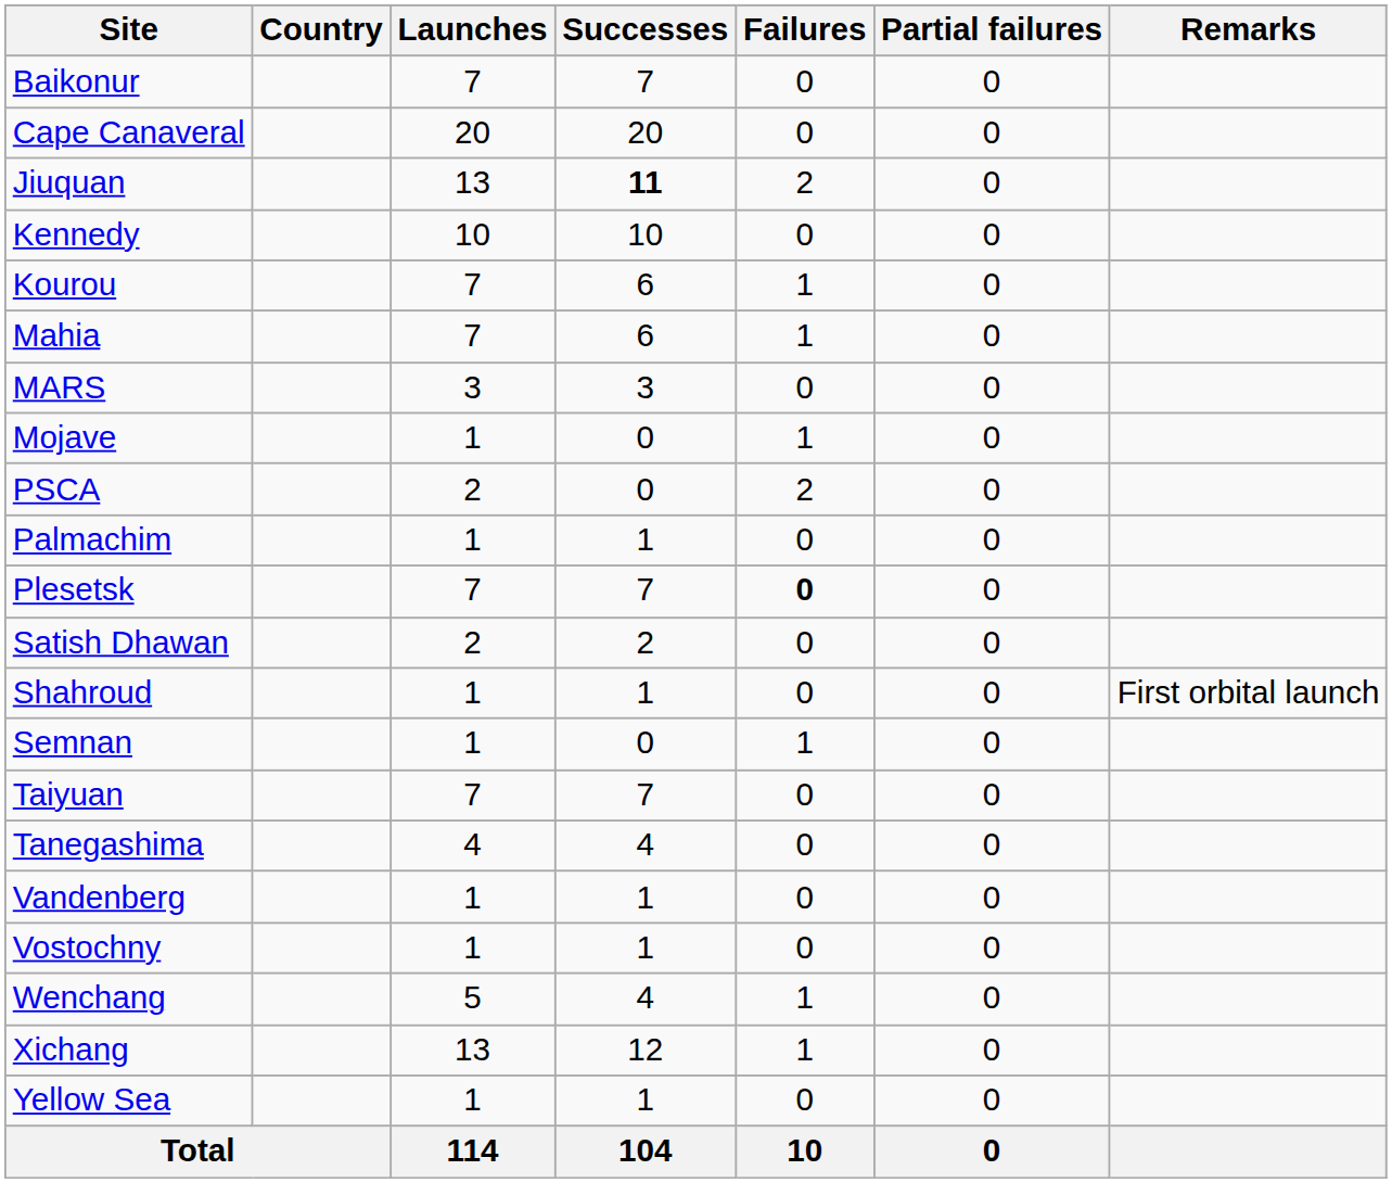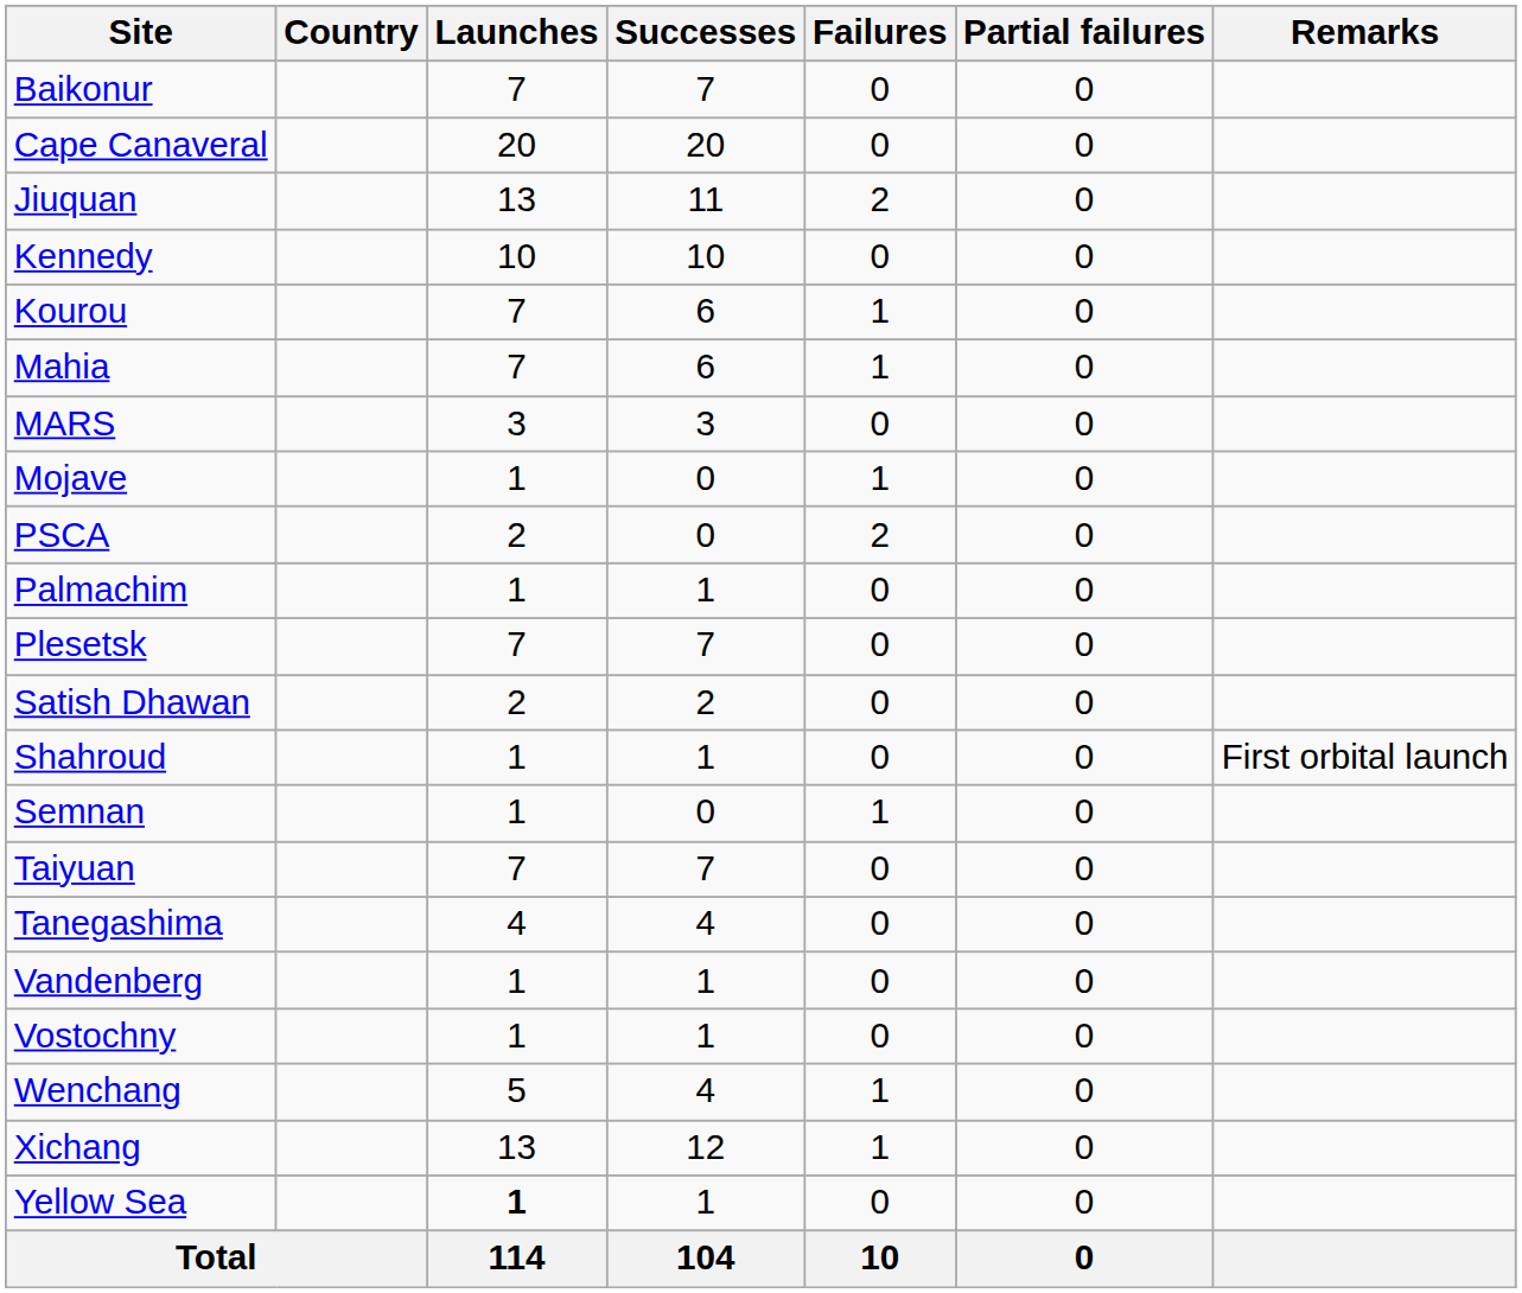 <table class="wikitable sortable" style=text-align:center>
 <tr>
 <th>Site</th>
 <th>Country</th>
 <th>Launches</th>
 <th>Successes</th>
 <th>Failures</th>
 <th>Partial failures</th>
 <th>Remarks</th>
 </tr>
 <tr>
 <td align=left><a href='#'>Baikonur</a></td>
 <td align=left></td>
 <td>7</td>
 <td>7</td>
 <td>0</td>
 <td>0</td>
 <td></td>
 </tr>
 <tr>
 <td align=left><a href='#'>Cape Canaveral</a></td>
 <td align=left></td>
 <td>20</td>
 <td>20</td>
 <td>0</td>
 <td>0</td>
 <td></td>
 </tr>
 <tr>
 <td align=left><a href='#'>Jiuquan</a></td>
 <td align=left></td>
 <td>13</td>
-<td><strong>11</strong></td>
+<td>11</td>
 <td>2</td>
 <td>0</td>
 <td></td>
 </tr>
 <tr>
 <td align=left><a href='#'>Kennedy</a></td>
 <td align=left></td>
 <td>10</td>
 <td>10</td>
 <td>0</td>
 <td>0</td>
 <td></td>
 </tr>
 <tr>
 <td align=left><a href='#'>Kourou</a></td>
 <td align=left></td>
 <td>7</td>
 <td>6</td>
 <td>1</td>
 <td>0</td>
 <td></td>
 </tr>
 <tr>
 <td align=left><a href='#'>Mahia</a></td>
 <td align=left></td>
 <td>7</td>
 <td>6</td>
 <td>1</td>
 <td>0</td>
 <td></td>
 </tr>
 <tr>
 <td align=left><a href='#'>MARS</a></td>
 <td align=left></td>
 <td>3</td>
 <td>3</td>
 <td>0</td>
 <td>0</td>
 <td></td>
 </tr>
 <tr>
 <td align=left><a href='#'>Mojave</a></td>
 <td align=left></td>
 <td>1</td>
 <td>0</td>
 <td>1</td>
 <td>0</td>
 <td></td>
 </tr>
 <tr>
 <td align=left><a href='#'>PSCA</a></td>
 <td align=left></td>
 <td>2</td>
 <td>0</td>
 <td>2</td>
 <td>0</td>
 <td></td>
 </tr>
 <tr>
 <td align=left><a href='#'>Palmachim</a></td>
 <td align=left></td>
 <td>1</td>
 <td>1</td>
 <td>0</td>
 <td>0</td>
 <td></td>
 </tr>
 <tr>
 <td align=left><a href='#'>Plesetsk</a></td>
 <td align=left></td>
 <td>7</td>
 <td>7</td>
-<td><strong>0</strong></td>
+<td>0</td>
 <td>0</td>
 <td></td>
 </tr>
 <tr>
 <td align=left><a href='#'>Satish Dhawan</a></td>
 <td align=left></td>
 <td>2</td>
 <td>2</td>
 <td>0</td>
 <td>0</td>
 <td></td>
 </tr>
 <tr>
 <td align=left><a href='#'>Shahroud</a></td>
 <td align=left></td>
 <td>1</td>
 <td>1</td>
 <td>0</td>
 <td>0</td>
 <td align=left>First orbital launch</td>
 </tr>
 <tr>
 <td align=left><a href='#'>Semnan</a></td>
 <td align=left></td>
 <td>1</td>
 <td>0</td>
 <td>1</td>
 <td>0</td>
 <td></td>
 </tr>
 <tr>
 <td align=left><a href='#'>Taiyuan</a></td>
 <td align=left></td>
 <td>7</td>
 <td>7</td>
 <td>0</td>
 <td>0</td>
 <td></td>
 </tr>
 <tr>
 <td align=left><a href='#'>Tanegashima</a></td>
 <td align=left></td>
 <td>4</td>
 <td>4</td>
 <td>0</td>
 <td>0</td>
 <td></td>
 </tr>
 <tr>
 <td align=left><a href='#'>Vandenberg</a></td>
 <td align=left></td>
 <td>1</td>
 <td>1</td>
 <td>0</td>
 <td>0</td>
 <td></td>
 </tr>
 <tr>
 <td align=left><a href='#'>Vostochny</a></td>
 <td align=left></td>
 <td>1</td>
 <td>1</td>
 <td>0</td>
 <td>0</td>
 <td></td>
 </tr>
 <tr>
 <td align=left><a href='#'>Wenchang</a></td>
 <td align=left></td>
 <td>5</td>
 <td>4</td>
 <td>1</td>
 <td>0</td>
 <td></td>
 </tr>
 <tr>
 <td align=left><a href='#'>Xichang</a></td>
 <td align=left></td>
 <td>13</td>
 <td>12</td>
 <td>1</td>
 <td>0</td>
 <td></td>
 </tr>
 <tr>
 <td align=left><a href='#'>Yellow Sea</a></td>
 <td align=left></td>
-<td>1</td>
+<td><strong>1</strong></td>
 <td>1</td>
 <td>0</td>
 <td>0</td>
 <td></td>
 </tr>
 <tr class="sortbottom">
 <th colspan=2>Total</th>
 <th>114</th>
 <th>104</th>
 <th>10</th>
 <th>0</th>
 <th></th>
 </tr>
 </table>
